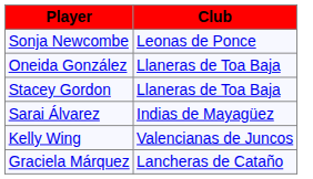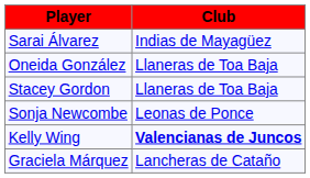 <table bgcolor="#f7f8ff" cellpadding="3" cellspacing="0" border="1" style="font-size: 95%; border: gray solid 1px; border-collapse: collapse;">
 <tr bgcolor="#ff0000">
 <td align=center><strong>Player</strong></td>
 <td align=center><strong>Club</strong></td>
 </tr>
 <tr align="left">
-<td> <a href='#'>Sonja Newcombe</a></td>
-<td><a href='#'>Leonas de Ponce</a></td>
+<td> <a href='#'>Sarai Álvarez</a></td>
+<td><a href='#'>Indias de Mayagüez</a></td>
 </tr>
 <tr align="left">
 <td> <a href='#'>Oneida González</a></td>
 <td><a href='#'>Llaneras de Toa Baja</a></td>
 </tr>
 <tr align="left">
 <td> <a href='#'>Stacey Gordon</a></td>
 <td><a href='#'>Llaneras de Toa Baja</a></td>
 </tr>
 <tr align="left">
-<td> <a href='#'>Sarai Álvarez</a></td>
-<td><a href='#'>Indias de Mayagüez</a></td>
+<td> <a href='#'>Sonja Newcombe</a></td>
+<td><a href='#'>Leonas de Ponce</a></td>
 </tr>
 <tr align="left">
 <td> <a href='#'>Kelly Wing</a></td>
-<td><a href='#'>Valencianas de Juncos</a></td>
+<td><strong><a href='#'>Valencianas de Juncos</a></strong></td>
 </tr>
 <tr align="left">
 <td> <a href='#'>Graciela Márquez</a></td>
 <td><a href='#'>Lancheras de Cataño</a></td>
 </tr>
 </table>
